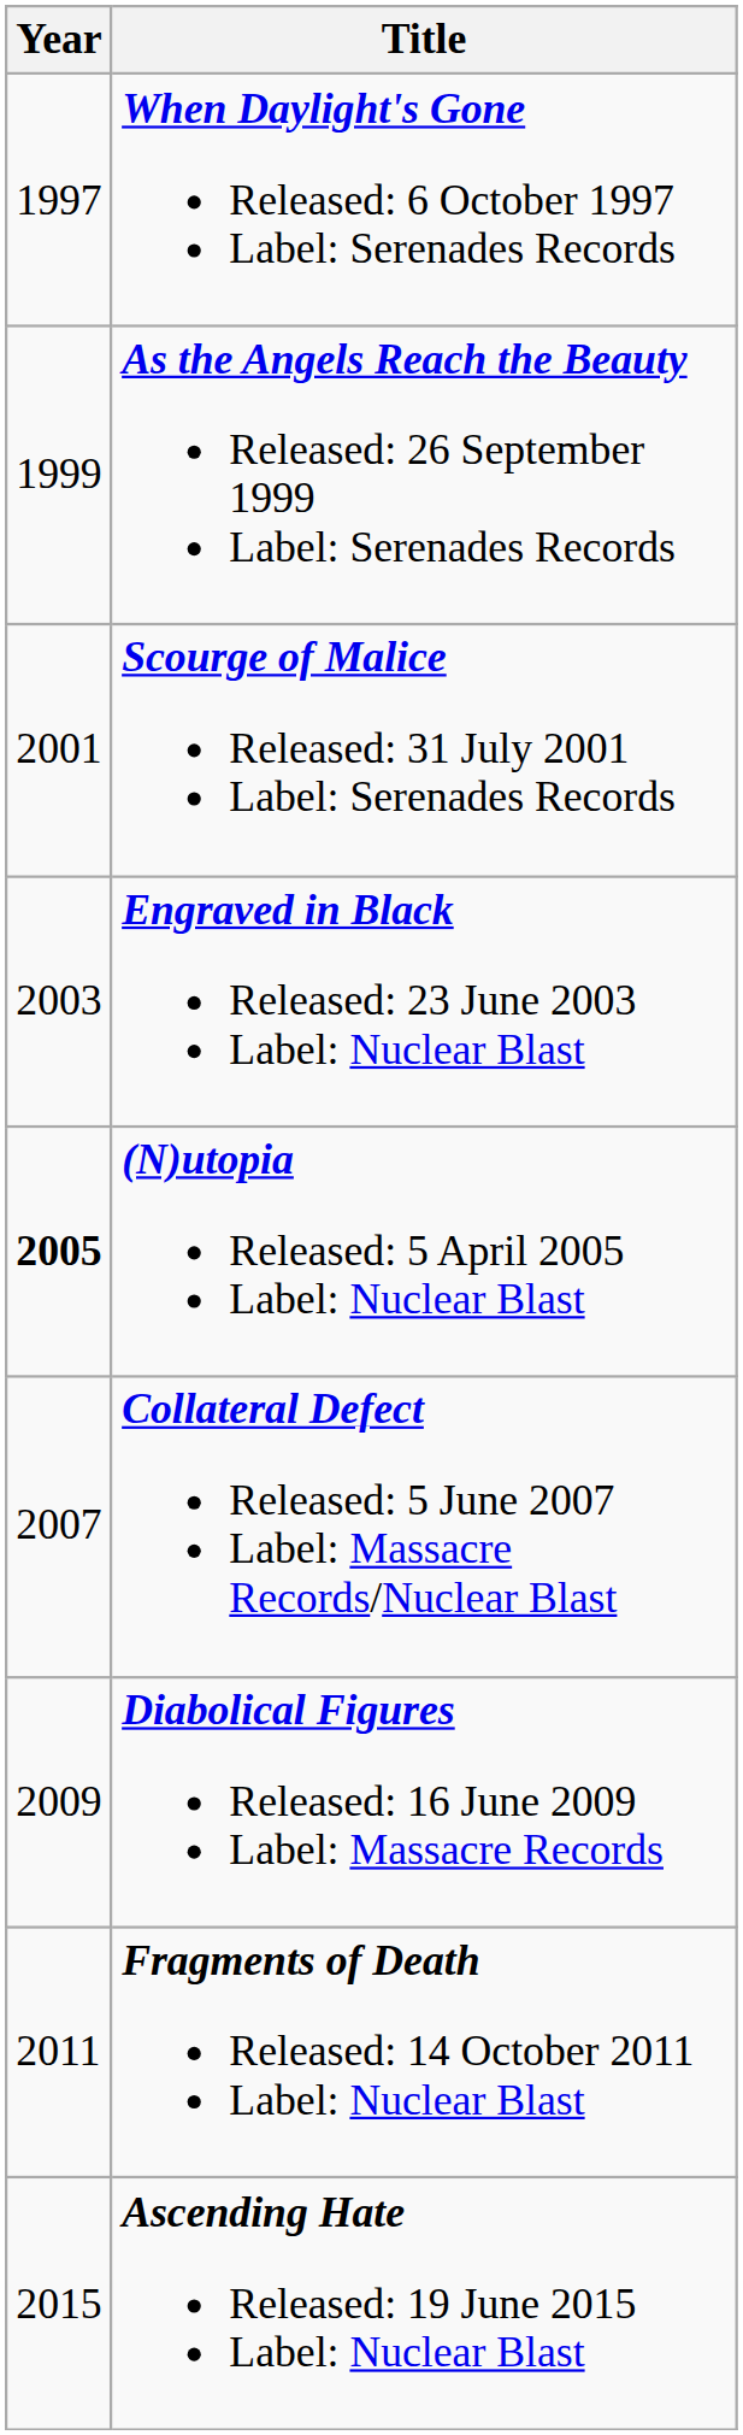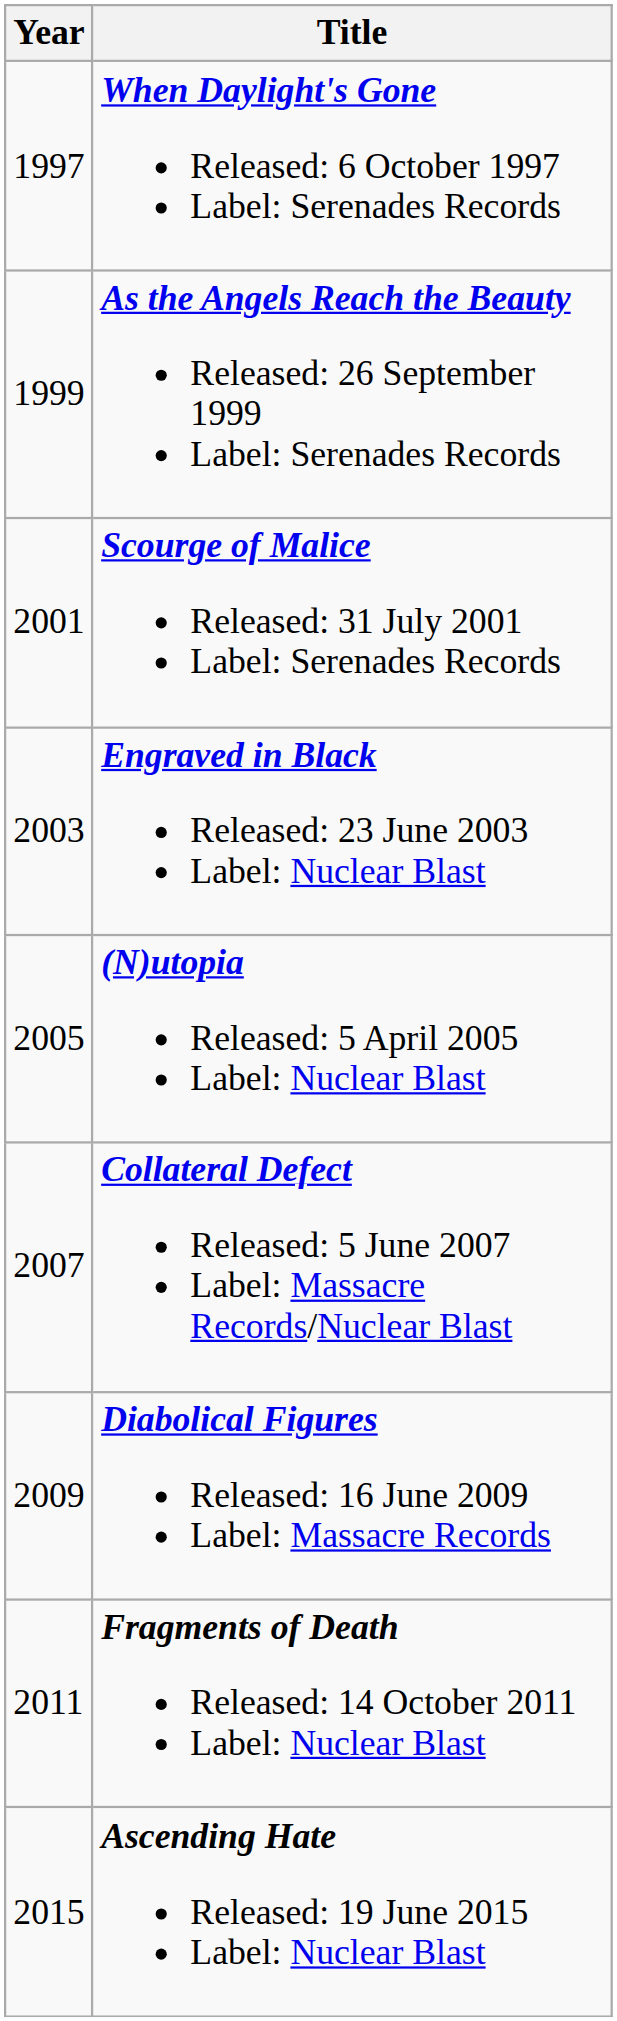 <table class=wikitable>
 <tr>
 <th>Year</th>
 <th width=225px>Title</th>
 </tr>
 <tr>
 <td>1997</td>
 <td><strong><em><a href='#'>When Daylight's Gone</a></em></strong><br><ul><li>Released: 6 October 1997</li><li>Label: Serenades Records </li></ul></td>
 </tr>
 <tr>
 <td>1999</td>
 <td><strong><em><a href='#'>As the Angels Reach the Beauty</a></em></strong><br><ul><li>Released: 26 September 1999</li><li>Label: Serenades Records </li></ul></td>
 </tr>
 <tr>
 <td>2001</td>
 <td><strong><em><a href='#'>Scourge of Malice</a></em></strong><br><ul><li>Released: 31 July 2001</li><li>Label: Serenades Records </li></ul></td>
 </tr>
 <tr>
 <td>2003</td>
 <td><strong><em><a href='#'>Engraved in Black</a></em></strong><br><ul><li>Released: 23 June 2003</li><li>Label: <a href='#'>Nuclear Blast</a> </li></ul></td>
 </tr>
 <tr>
-<td><strong>2005</strong></td>
+<td>2005</td>
 <td><strong><em><a href='#'>(N)utopia</a></em></strong><br><ul><li>Released: 5 April 2005</li><li>Label: <a href='#'>Nuclear Blast</a> </li></ul></td>
 </tr>
 <tr>
 <td>2007</td>
 <td><strong><em><a href='#'>Collateral Defect</a></em></strong><br><ul><li>Released: 5 June 2007</li><li>Label: <a href='#'>Massacre Records</a>/<a href='#'>Nuclear Blast</a> </li></ul></td>
 </tr>
 <tr>
 <td>2009</td>
 <td><strong><em><a href='#'>Diabolical Figures</a></em></strong><br><ul><li>Released: 16 June 2009</li><li>Label: <a href='#'>Massacre Records</a></li></ul></td>
 </tr>
 <tr>
 <td>2011</td>
 <td><strong><em>Fragments of Death</em></strong><br><ul><li>Released: 14 October 2011</li><li>Label: <a href='#'>Nuclear Blast</a></li></ul></td>
 </tr>
 <tr>
 <td>2015</td>
 <td><strong><em>Ascending Hate</em></strong><br><ul><li>Released: 19 June 2015</li><li>Label: <a href='#'>Nuclear Blast</a></li></ul></td>
 </tr>
 </table>
